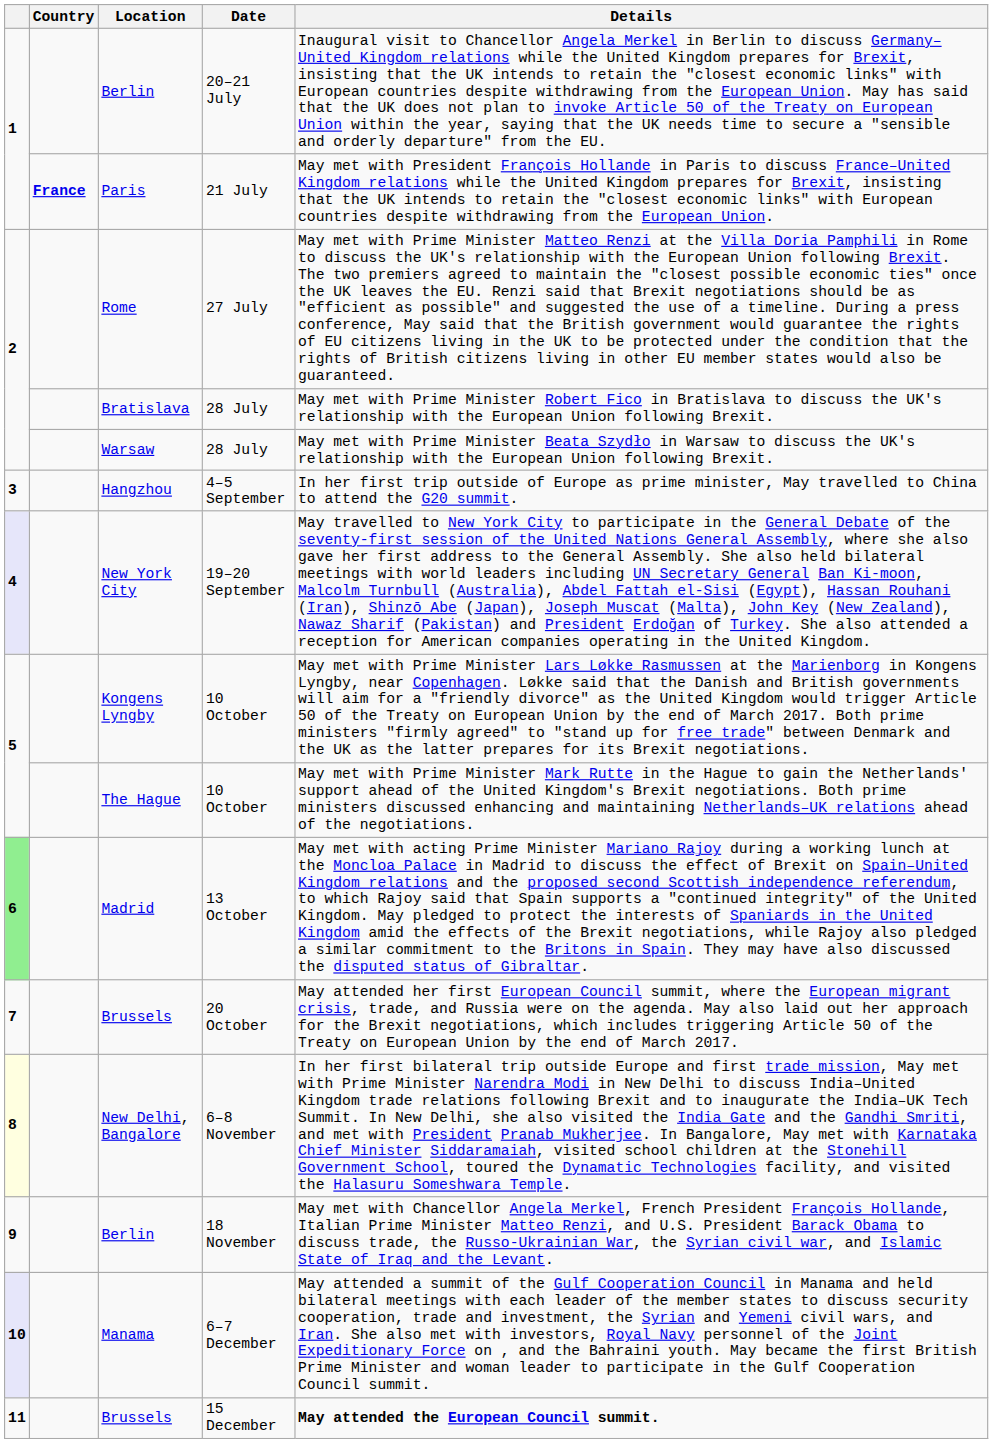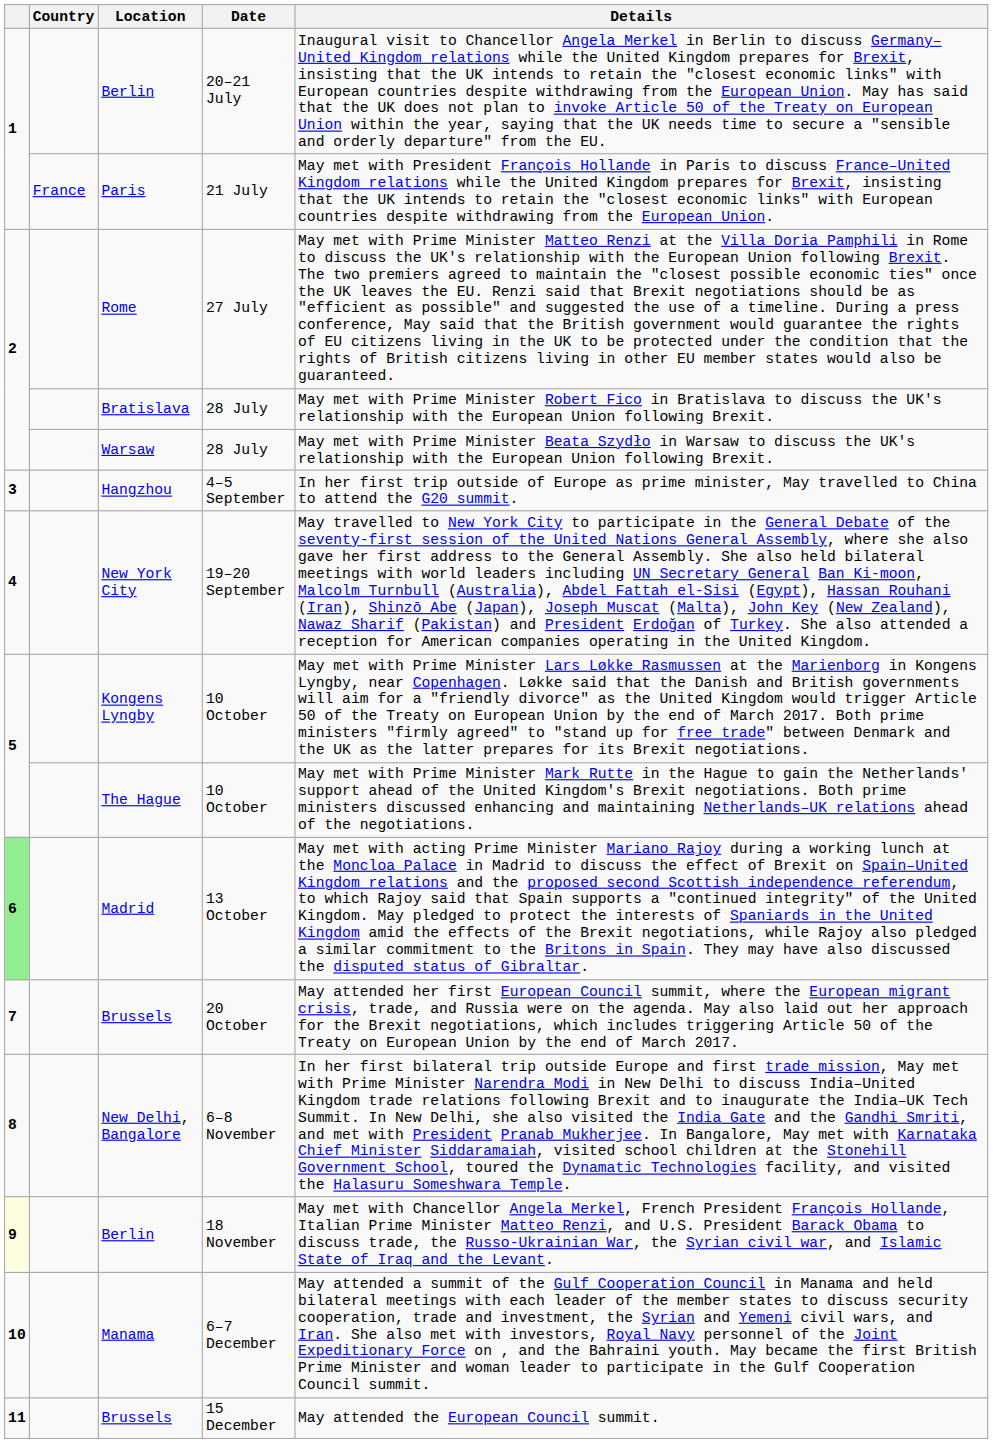 <table class="wikitable sortable">
 <tr>
 <th></th>
 <th>Country</th>
 <th>Location</th>
 <th>Date</th>
 <th>Details</th>
 </tr>
 <tr>
 <td rowspan=2><strong>1</strong></td>
 <td></td>
 <td><a href='#'>Berlin</a></td>
 <td>20–21 July</td>
 <td>Inaugural visit to Chancellor <a href='#'>Angela Merkel</a> in Berlin to discuss <a href='#'>Germany–United Kingdom relations</a> while the United Kingdom prepares for <a href='#'>Brexit</a>, insisting that the UK intends to retain the "closest economic links" with European countries despite withdrawing from the <a href='#'>European Union</a>. May has said that the UK does not plan to <a href='#'>invoke Article 50 of the Treaty on European Union</a> within the year, saying that the UK needs time to secure a "sensible and orderly departure" from the EU.</td>
 </tr>
 <tr>
-<td><strong> <a href='#'>France</a></strong></td>
+<td> <a href='#'>France</a></td>
 <td><a href='#'>Paris</a></td>
 <td>21 July</td>
 <td>May met with President <a href='#'>François Hollande</a> in Paris to discuss <a href='#'>France–United Kingdom relations</a> while the United Kingdom prepares for <a href='#'>Brexit</a>, insisting that the UK intends to retain the "closest economic links" with European countries despite withdrawing from the <a href='#'>European Union</a>.</td>
 </tr>
 <tr>
 <td rowspan=3><strong>2</strong></td>
 <td></td>
 <td><a href='#'>Rome</a></td>
 <td>27 July</td>
 <td>May met with Prime Minister <a href='#'>Matteo Renzi</a> at the <a href='#'>Villa Doria Pamphili</a> in Rome to discuss the UK's relationship with the European Union following <a href='#'>Brexit</a>. The two premiers agreed to maintain the "closest possible economic ties" once the UK leaves the EU. Renzi said that Brexit negotiations should be as "efficient as possible" and suggested the use of a timeline. During a press conference, May said that the British government would guarantee the rights of EU citizens living in the UK to be protected under the condition that the rights of British citizens living in other EU member states would also be guaranteed.</td>
 </tr>
 <tr>
 <td></td>
 <td><a href='#'>Bratislava</a></td>
 <td>28 July</td>
 <td>May met with Prime Minister <a href='#'>Robert Fico</a> in Bratislava to discuss the UK's relationship with the European Union following Brexit.</td>
 </tr>
 <tr>
 <td></td>
 <td><a href='#'>Warsaw</a></td>
 <td>28 July</td>
 <td>May met with Prime Minister <a href='#'>Beata Szydło</a> in Warsaw to discuss the UK's relationship with the European Union following Brexit.</td>
 </tr>
 <tr>
 <td><strong>3</strong></td>
 <td></td>
 <td><a href='#'>Hangzhou</a></td>
 <td>4–5 September</td>
 <td>In her first trip outside of Europe as prime minister, May travelled to China to attend the <a href='#'>G20 summit</a>.</td>
 </tr>
 <tr>
-<td style="background: lavender;"><strong>4</strong></td>
+<td><strong>4</strong></td>
 <td></td>
 <td><a href='#'>New York City</a></td>
 <td>19–20 September</td>
 <td>May travelled to <a href='#'>New York City</a> to participate in the <a href='#'>General Debate</a> of the <a href='#'>seventy-first session of the United Nations General Assembly</a>, where she also gave her first address to the General Assembly. She also held bilateral meetings with world leaders including <a href='#'>UN Secretary General</a> <a href='#'>Ban Ki-moon</a>, <a href='#'>Malcolm Turnbull</a> (<a href='#'>Australia</a>), <a href='#'>Abdel Fattah el-Sisi</a> (<a href='#'>Egypt</a>), <a href='#'>Hassan Rouhani</a> (<a href='#'>Iran</a>), <a href='#'>Shinzō Abe</a> (<a href='#'>Japan</a>), <a href='#'>Joseph Muscat</a> (<a href='#'>Malta</a>), <a href='#'>John Key</a> (<a href='#'>New Zealand</a>), <a href='#'>Nawaz Sharif</a> (<a href='#'>Pakistan</a>) and <a href='#'>President</a> <a href='#'>Erdoğan</a> of <a href='#'>Turkey</a>. She also attended a reception for American companies operating in the United Kingdom.</td>
 </tr>
 <tr>
 <td rowspan=2><strong>5</strong></td>
 <td></td>
 <td><a href='#'>Kongens Lyngby</a></td>
 <td>10 October</td>
 <td>May met with Prime Minister <a href='#'>Lars Løkke Rasmussen</a> at the <a href='#'>Marienborg</a> in Kongens Lyngby, near <a href='#'>Copenhagen</a>. Løkke said that the Danish and British governments will aim for a "friendly divorce" as the United Kingdom would trigger Article 50 of the Treaty on European Union by the end of March 2017. Both prime ministers "firmly agreed" to "stand up for <a href='#'>free trade</a>" between Denmark and the UK as the latter prepares for its Brexit negotiations.</td>
 </tr>
 <tr>
 <td></td>
 <td><a href='#'>The Hague</a></td>
 <td>10 October</td>
 <td>May met with Prime Minister <a href='#'>Mark Rutte</a> in the Hague to gain the Netherlands' support ahead of the United Kingdom's Brexit negotiations. Both prime ministers discussed enhancing and maintaining <a href='#'>Netherlands–UK relations</a> ahead of the negotiations.</td>
 </tr>
 <tr>
 <td style="background: lightgreen;"><strong>6</strong></td>
 <td></td>
 <td><a href='#'>Madrid</a></td>
 <td>13 October</td>
 <td>May met with acting Prime Minister <a href='#'>Mariano Rajoy</a> during a working lunch at the <a href='#'>Moncloa Palace</a> in Madrid to discuss the effect of Brexit on <a href='#'>Spain–United Kingdom relations</a> and the <a href='#'>proposed second Scottish independence referendum</a>, to which Rajoy said that Spain supports a "continued integrity" of the United Kingdom. May pledged to protect the interests of <a href='#'>Spaniards in the United Kingdom</a> amid the effects of the Brexit negotiations, while Rajoy also pledged a similar commitment to the <a href='#'>Britons in Spain</a>. They may have also discussed the <a href='#'>disputed status of Gibraltar</a>.</td>
 </tr>
 <tr>
 <td><strong>7</strong></td>
 <td></td>
 <td><a href='#'>Brussels</a></td>
 <td>20 October</td>
 <td>May attended her first <a href='#'>European Council</a> summit, where the <a href='#'>European migrant crisis</a>, trade, and Russia were on the agenda. May also laid out her approach for the Brexit negotiations, which includes triggering Article 50 of the Treaty on European Union by the end of March 2017.</td>
 </tr>
 <tr>
-<td style="background: lightyellow;"><strong>8</strong></td>
+<td><strong>8</strong></td>
 <td></td>
 <td><a href='#'>New Delhi</a>, <a href='#'>Bangalore</a></td>
 <td>6–8 November</td>
 <td>In her first bilateral trip outside Europe and first <a href='#'>trade mission</a>, May met with Prime Minister <a href='#'>Narendra Modi</a> in New Delhi to discuss India–United Kingdom trade relations following Brexit and to inaugurate the India–UK Tech Summit. In New Delhi, she also visited the <a href='#'>India Gate</a> and the <a href='#'>Gandhi Smriti</a>, and met with <a href='#'>President</a> <a href='#'>Pranab Mukherjee</a>. In Bangalore, May met with <a href='#'>Karnataka Chief Minister</a> <a href='#'>Siddaramaiah</a>, visited school children at the <a href='#'>Stonehill Government School</a>, toured the <a href='#'>Dynamatic Technologies</a> facility, and visited the <a href='#'>Halasuru Someshwara Temple</a>.</td>
 </tr>
 <tr>
-<td><strong>9</strong></td>
+<td style="background: lightyellow;"><strong>9</strong></td>
 <td></td>
 <td><a href='#'>Berlin</a></td>
 <td>18 November</td>
 <td>May met with Chancellor <a href='#'>Angela Merkel</a>, French President <a href='#'>François Hollande</a>, Italian Prime Minister <a href='#'>Matteo Renzi</a>, and U.S. President <a href='#'>Barack Obama</a> to discuss trade, the <a href='#'>Russo-Ukrainian War</a>, the <a href='#'>Syrian civil war</a>, and <a href='#'>Islamic State of Iraq and the Levant</a>.</td>
 </tr>
 <tr>
-<td style="background: lavender;"><strong>10</strong></td>
+<td><strong>10</strong></td>
 <td></td>
 <td><a href='#'>Manama</a></td>
 <td>6–7 December</td>
 <td>May attended a summit of the <a href='#'>Gulf Cooperation Council</a> in Manama and held bilateral meetings with each leader of the member states to discuss security cooperation, trade and investment, the <a href='#'>Syrian</a> and <a href='#'>Yemeni</a> civil wars, and <a href='#'>Iran</a>. She also met with investors, <a href='#'>Royal Navy</a> personnel of the <a href='#'>Joint Expeditionary Force</a> on , and the Bahraini youth. May became the first British Prime Minister and woman leader to participate in the Gulf Cooperation Council summit.</td>
 </tr>
 <tr>
 <td><strong>11</strong></td>
 <td></td>
 <td><a href='#'>Brussels</a></td>
 <td>15 December</td>
-<td><strong>May attended the <a href='#'>European Council</a> summit.</strong></td>
+<td>May attended the <a href='#'>European Council</a> summit.</td>
 </tr>
 </table>
